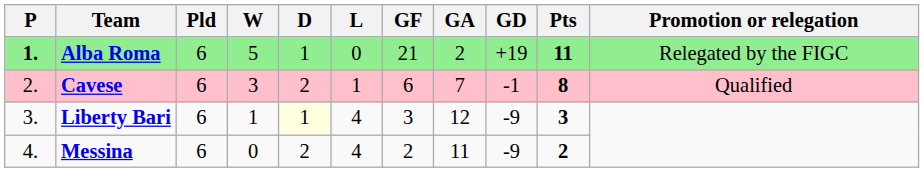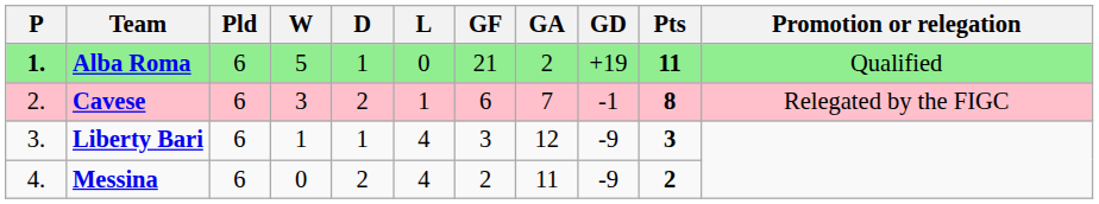 <table class="wikitable sortable" style="text-align: center;">
 <tr>
 <th width=33>P<br></th>
 <th>Team<br></th>
 <th width=33>Pld<br></th>
 <th width=33>W<br></th>
 <th width=33>D<br></th>
 <th width=33>L<br></th>
 <th width=33>GF<br></th>
 <th width=33>GA<br></th>
 <th width=33>GD<br></th>
 <th width=33>Pts<br></th>
 <th class="unsortable" width=250>Promotion or relegation<br></th>
 </tr>
 <tr style="background: #90EE90;">
 <td><strong>1.</strong></td>
 <td align="left"><strong><a href='#'>Alba Roma</a></strong></td>
 <td>6</td>
 <td>5</td>
 <td>1</td>
 <td>0</td>
 <td>21</td>
 <td>2</td>
 <td>+19</td>
 <td><strong>11</strong></td>
-<td>Relegated by the FIGC</td>
+<td>Qualified</td>
 </tr>
 <tr style="background: pink">
 <td>2.</td>
 <td align="left"><strong><a href='#'>Cavese</a></strong></td>
 <td>6</td>
 <td>3</td>
 <td>2</td>
 <td>1</td>
 <td>6</td>
 <td>7</td>
 <td>-1</td>
 <td><strong>8</strong></td>
-<td>Qualified</td>
+<td>Relegated by the FIGC</td>
 </tr>
 <tr>
 <td>3.</td>
 <td align="left"><strong><a href='#'>Liberty Bari</a></strong></td>
 <td>6</td>
 <td>1</td>
-<td style="background: lightyellow;">1</td>
+<td>1</td>
 <td>4</td>
 <td>3</td>
 <td>12</td>
 <td>-9</td>
 <td><strong>3</strong></td>
 </tr>
 <tr>
 <td>4.</td>
 <td align="left"><strong><a href='#'>Messina</a></strong></td>
 <td>6</td>
 <td>0</td>
 <td>2</td>
 <td>4</td>
 <td>2</td>
 <td>11</td>
 <td>-9</td>
 <td><strong>2</strong></td>
 </tr>
 </table>
